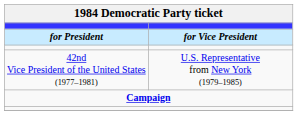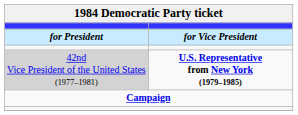 <table class="wikitable" style="font-size:90%; text-align:center;">
 <tr>
 <td style="background:#f1f1f1;" colspan="30"><big><strong>1984 Democratic Party ticket</strong></big></td>
 </tr>
 <tr>
 <th style="width:3em; font-size:135%; background:#3333FF; width:200px;"><a href='#'></a></th>
 <th style="width:3em; font-size:135%; background:#3333FF; width:200px;"><a href='#'></a></th>
 </tr>
 <tr style="color:#000; font-size:100%; background:#c8ebff;">
 <td style="width:3em; width:200px;"><strong><em>for President</em></strong></td>
 <td style="width:3em; width:200px;"><strong><em>for Vice President</em></strong></td>
 </tr>
 <tr>
 <td></td>
 <td></td>
 </tr>
 <tr>
-<td><a href='#'>42nd</a><br><a href='#'>Vice President of the United States</a><br><small>(1977–1981)</small></td>
-<td><a href='#'>U.S. Representative</a><br>from <a href='#'>New York</a><br><small>(1979–1985)</small></td>
+<td style="background: lightgrey;"><a href='#'>42nd</a><br><a href='#'>Vice President of the United States</a><br><small>(1977–1981)</small></td>
+<td><strong><a href='#'>U.S. Representative</a><br>from <a href='#'>New York</a><br><small>(1979–1985)</small></strong></td>
 </tr>
 <tr>
 <td colspan=2><a href='#'><strong>Campaign</strong></a></td>
 </tr>
 <tr>
 <td colspan=2></td>
 </tr>
 <tr>
 </tr>
 </table>
